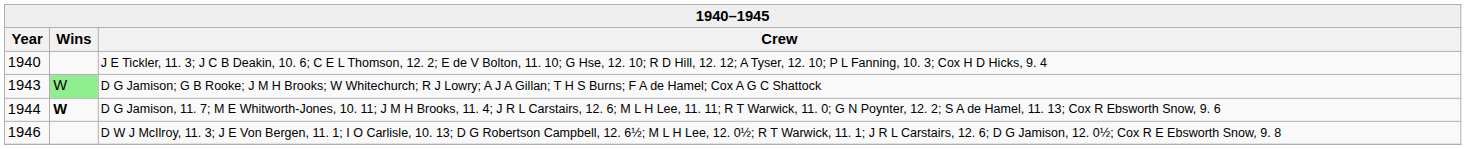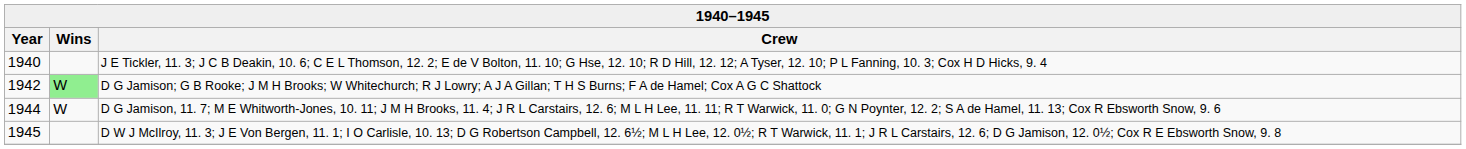 <table class="wikitable" style="width:100%;">
 <tr>
 <th style="background:#efefef;" colspan="3">1940–1945</th>
 </tr>
 <tr style="background:#efefef;">
 <th>Year</th>
 <th>Wins</th>
 <th>Crew</th>
 </tr>
 <tr>
 <td>1940</td>
 <td></td>
 <td style="font-size:85%">J E Tickler, 11. 3; J C B Deakin, 10. 6; C E L Thomson, 12. 2; E de V Bolton, 11. 10; G Hse, 12. 10; R D Hill, 12. 12; A Tyser, 12. 10; P L Fanning, 10. 3; Cox H D Hicks, 9. 4</td>
 </tr>
 <tr>
-<td>1943</td>
+<td>1942</td>
 <td style="background: lightgreen;">W</td>
 <td style="font-size:85%">D G Jamison; G B Rooke; J M H Brooks; W Whitechurch; R J Lowry; A J A Gillan; T H S Burns; F A de Hamel; Cox A G C Shattock</td>
 </tr>
 <tr>
 <td>1944</td>
-<td><strong>W</strong></td>
+<td>W</td>
 <td style="font-size:85%">D G Jamison, 11. 7; M E Whitworth-Jones, 10. 11; J M H Brooks, 11. 4; J R L Carstairs, 12. 6; M L H Lee, 11. 11; R T Warwick, 11. 0; G N Poynter, 12. 2; S A de Hamel, 11. 13; Cox R Ebsworth Snow, 9. 6</td>
 </tr>
 <tr>
-<td>1946</td>
+<td>1945</td>
 <td></td>
 <td style="font-size:85%">D W J McIlroy, 11. 3; J E Von Bergen, 11. 1; I O Carlisle, 10. 13; D G Robertson Campbell, 12. 6½; M L H Lee, 12. 0½; R T Warwick, 11. 1; J R L Carstairs, 12. 6; D G Jamison, 12. 0½; Cox R E Ebsworth Snow, 9. 8</td>
 </tr>
 <tr>
 </tr>
 </table>
